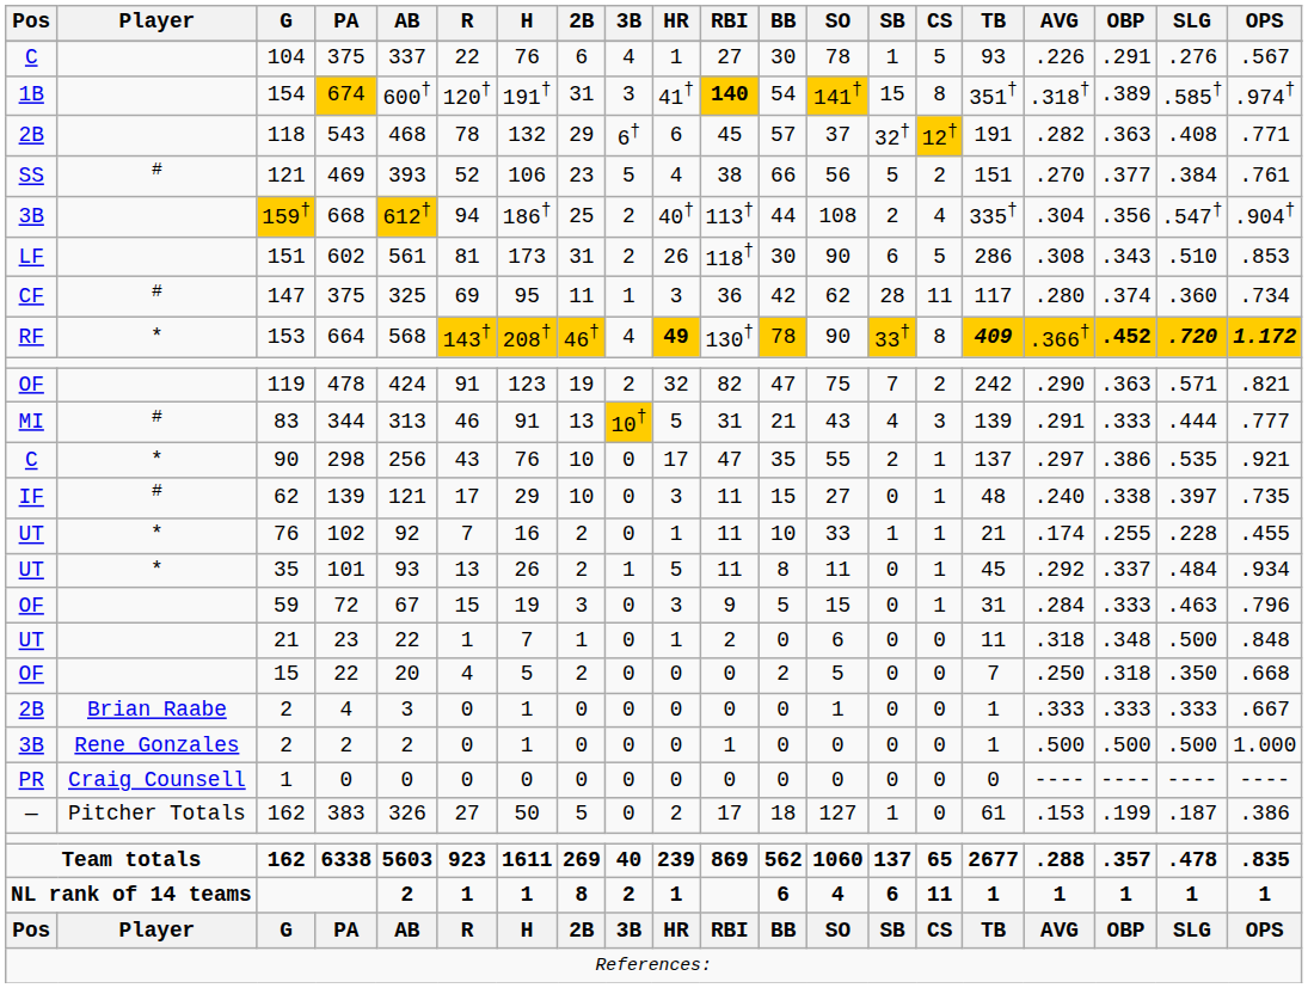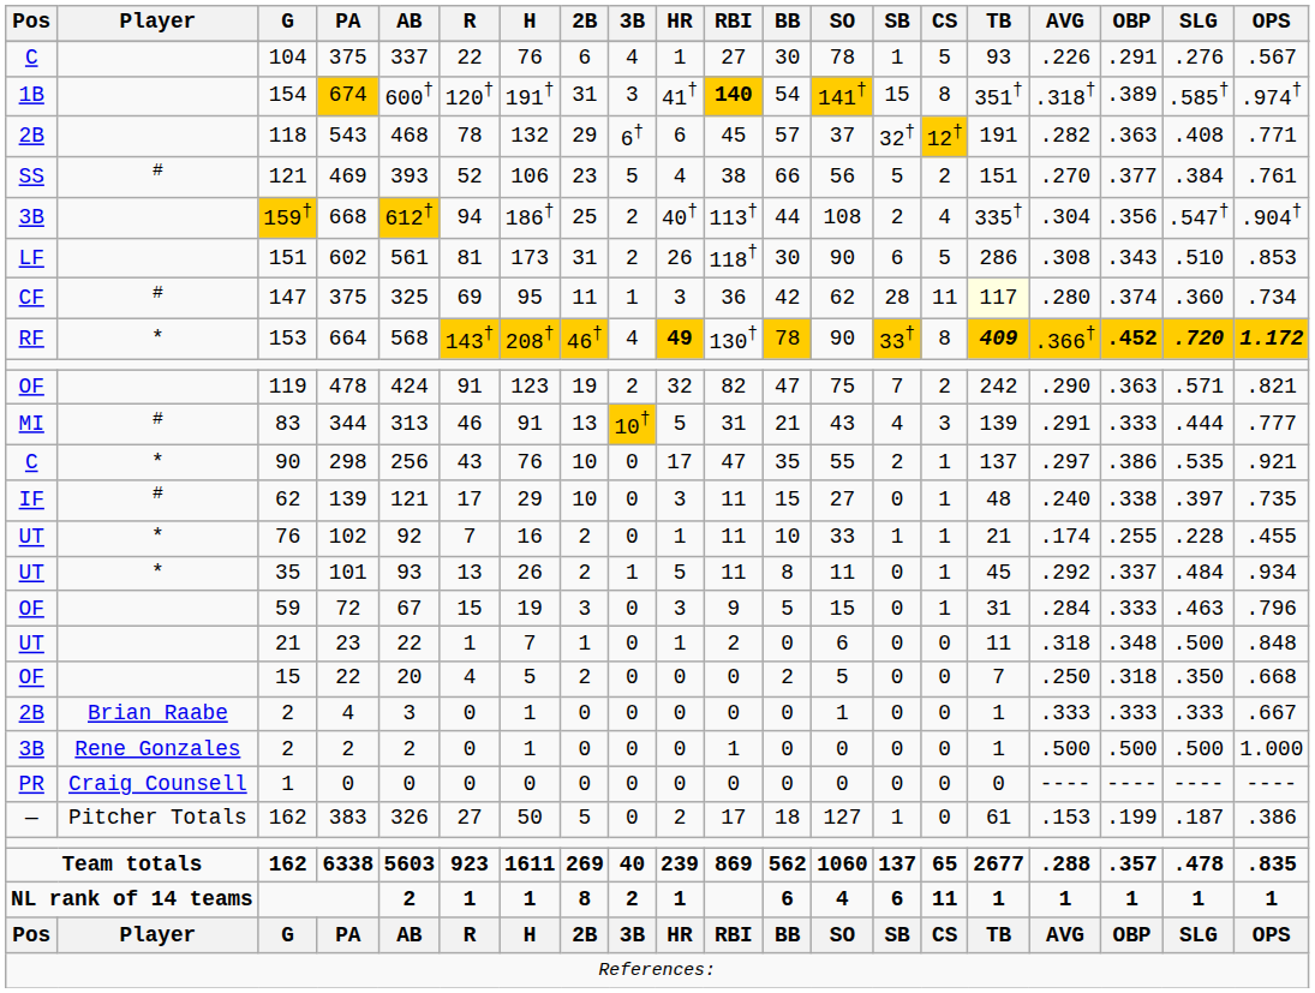 <table class="wikitable sortable" style="font-size:92%">
 <tr style="text-align:center;">
 <th>Pos</th>
 <th>Player</th>
 <th>G</th>
 <th style=>PA</th>
 <th style=>AB</th>
 <th style=>R</th>
 <th style=>H</th>
 <th style=>2B</th>
 <th style=>3B</th>
 <th style=>HR</th>
 <th style=>RBI</th>
 <th style=>BB</th>
 <th style=>SO</th>
 <th style=>SB</th>
 <th style=>CS</th>
 <th style=>TB</th>
 <th style=>AVG</th>
 <th style=>OBP</th>
 <th style=>SLG</th>
 <th style=>OPS<br></th>
 </tr>
 <tr>
 </tr>
 <tr style="text-align:center;">
 <td><a href='#'>C</a></td>
 <td></td>
 <td>104</td>
 <td>375</td>
 <td>337</td>
 <td>22</td>
 <td>76</td>
 <td>6</td>
 <td>4</td>
 <td>1</td>
 <td>27</td>
 <td>30</td>
 <td>78</td>
 <td>1</td>
 <td>5</td>
 <td>93</td>
 <td>.226</td>
 <td>.291</td>
 <td>.276</td>
 <td>.567</td>
 </tr>
 <tr style="text-align:center;">
 <td><a href='#'>1B</a></td>
 <td></td>
 <td>154</td>
 <td bgcolor="#FFCC00">674</td>
 <td>600<sup>†</sup></td>
 <td>120<sup>†</sup></td>
 <td>191<sup>†</sup></td>
 <td>31</td>
 <td>3</td>
 <td>41<sup>†</sup></td>
 <td bgcolor="#FFCC00"><strong>140</strong></td>
 <td>54</td>
 <td bgcolor="#FFCC00">141<sup>†</sup></td>
 <td>15</td>
 <td>8</td>
 <td>351<sup>†</sup></td>
 <td>.318<sup>†</sup></td>
 <td>.389</td>
 <td>.585<sup>†</sup></td>
 <td>.974<sup>†</sup></td>
 </tr>
 <tr style="text-align:center;">
 <td><a href='#'>2B</a></td>
 <td></td>
 <td>118</td>
 <td>543</td>
 <td>468</td>
 <td>78</td>
 <td>132</td>
 <td>29</td>
 <td>6<sup>†</sup></td>
 <td>6</td>
 <td>45</td>
 <td>57</td>
 <td>37</td>
 <td>32<sup>†</sup></td>
 <td bgcolor="#FFCC00">12<sup>†</sup></td>
 <td>191</td>
 <td>.282</td>
 <td>.363</td>
 <td>.408</td>
 <td>.771</td>
 </tr>
 <tr style="text-align:center;">
 <td><a href='#'>SS</a></td>
 <td> <sup>#</sup></td>
 <td>121</td>
 <td>469</td>
 <td>393</td>
 <td>52</td>
 <td>106</td>
 <td>23</td>
 <td>5</td>
 <td>4</td>
 <td>38</td>
 <td>66</td>
 <td>56</td>
 <td>5</td>
 <td>2</td>
 <td>151</td>
 <td>.270</td>
 <td>.377</td>
 <td>.384</td>
 <td>.761</td>
 </tr>
 <tr style="text-align:center;">
 <td><a href='#'>3B</a></td>
 <td></td>
 <td bgcolor="#FFCC00">159<sup>†</sup></td>
 <td>668</td>
 <td bgcolor="#FFCC00">612<sup>†</sup></td>
 <td>94</td>
 <td>186<sup>†</sup></td>
 <td>25</td>
 <td>2</td>
 <td>40<sup>†</sup></td>
 <td>113<sup>†</sup></td>
 <td>44</td>
 <td>108</td>
 <td>2</td>
 <td>4</td>
 <td>335<sup>†</sup></td>
 <td>.304</td>
 <td>.356</td>
 <td>.547<sup>†</sup></td>
 <td>.904<sup>†</sup></td>
 </tr>
 <tr style="text-align:center;">
 <td><a href='#'>LF</a></td>
 <td></td>
 <td>151</td>
 <td>602</td>
 <td>561</td>
 <td>81</td>
 <td>173</td>
 <td>31</td>
 <td>2</td>
 <td>26</td>
 <td>118<sup>†</sup></td>
 <td>30</td>
 <td>90</td>
 <td>6</td>
 <td>5</td>
 <td>286</td>
 <td>.308</td>
 <td>.343</td>
 <td>.510</td>
 <td>.853</td>
 </tr>
 <tr style="text-align:center;">
 <td><a href='#'>CF</a></td>
 <td> <sup>#</sup></td>
 <td>147</td>
 <td>375</td>
 <td>325</td>
 <td>69</td>
 <td>95</td>
 <td>11</td>
 <td>1</td>
 <td>3</td>
 <td>36</td>
 <td>42</td>
 <td>62</td>
 <td>28</td>
 <td>11</td>
-<td>117</td>
+<td style="background: lightyellow;">117</td>
 <td>.280</td>
 <td>.374</td>
 <td>.360</td>
 <td>.734</td>
 </tr>
 <tr style="text-align:center;">
 <td><a href='#'>RF</a></td>
 <td> *</td>
 <td>153</td>
 <td>664</td>
 <td>568</td>
 <td bgcolor="#FFCC00">143<sup>†</sup></td>
 <td bgcolor="#FFCC00">208<sup>†</sup></td>
 <td bgcolor="#FFCC00">46<sup>†</sup></td>
 <td>4</td>
 <td bgcolor="#FFCC00"><strong>49</strong></td>
 <td>130<sup>†</sup></td>
 <td bgcolor="#FFCC00">78</td>
 <td>90</td>
 <td bgcolor="#FFCC00">33<sup>†</sup></td>
 <td>8</td>
 <td bgcolor="#FFCC00"><strong><em>409</em></strong></td>
 <td bgcolor="#FFCC00">.366<sup>†</sup></td>
 <td bgcolor="#FFCC00"><strong>.452</strong></td>
 <td bgcolor="#FFCC00"><strong><em>.720</em></strong></td>
 <td bgcolor="#FFCC00"><strong><em>1.172</em></strong><br></td>
 </tr>
 <tr>
 <td colspan="19"></td>
 <td></td>
 </tr>
 <tr style="text-align:center;">
 <td><a href='#'>OF</a></td>
 <td></td>
 <td>119</td>
 <td>478</td>
 <td>424</td>
 <td>91</td>
 <td>123</td>
 <td>19</td>
 <td>2</td>
 <td>32</td>
 <td>82</td>
 <td>47</td>
 <td>75</td>
 <td>7</td>
 <td>2</td>
 <td>242</td>
 <td>.290</td>
 <td>.363</td>
 <td>.571</td>
 <td>.821</td>
 </tr>
 <tr style="text-align:center;">
 <td><a href='#'>MI</a></td>
 <td> <sup>#</sup></td>
 <td>83</td>
 <td>344</td>
 <td>313</td>
 <td>46</td>
 <td>91</td>
 <td>13</td>
 <td bgcolor="#FFCC00">10<sup>†</sup></td>
 <td>5</td>
 <td>31</td>
 <td>21</td>
 <td>43</td>
 <td>4</td>
 <td>3</td>
 <td>139</td>
 <td>.291</td>
 <td>.333</td>
 <td>.444</td>
 <td>.777</td>
 </tr>
 <tr style="text-align:center;">
 <td><a href='#'>C</a></td>
 <td> *</td>
 <td>90</td>
 <td>298</td>
 <td>256</td>
 <td>43</td>
 <td>76</td>
 <td>10</td>
 <td>0</td>
 <td>17</td>
 <td>47</td>
 <td>35</td>
 <td>55</td>
 <td>2</td>
 <td>1</td>
 <td>137</td>
 <td>.297</td>
 <td>.386</td>
 <td>.535</td>
 <td>.921</td>
 </tr>
 <tr style="text-align:center;">
 <td><a href='#'>IF</a></td>
 <td> <sup>#</sup></td>
 <td>62</td>
 <td>139</td>
 <td>121</td>
 <td>17</td>
 <td>29</td>
 <td>10</td>
 <td>0</td>
 <td>3</td>
 <td>11</td>
 <td>15</td>
 <td>27</td>
 <td>0</td>
 <td>1</td>
 <td>48</td>
 <td>.240</td>
 <td>.338</td>
 <td>.397</td>
 <td>.735</td>
 </tr>
 <tr style="text-align:center;">
 <td><a href='#'>UT</a></td>
 <td> *</td>
 <td>76</td>
 <td>102</td>
 <td>92</td>
 <td>7</td>
 <td>16</td>
 <td>2</td>
 <td>0</td>
 <td>1</td>
 <td>11</td>
 <td>10</td>
 <td>33</td>
 <td>1</td>
 <td>1</td>
 <td>21</td>
 <td>.174</td>
 <td>.255</td>
 <td>.228</td>
 <td>.455</td>
 </tr>
 <tr style="text-align:center;">
 <td><a href='#'>UT</a></td>
 <td> *</td>
 <td>35</td>
 <td>101</td>
 <td>93</td>
 <td>13</td>
 <td>26</td>
 <td>2</td>
 <td>1</td>
 <td>5</td>
 <td>11</td>
 <td>8</td>
 <td>11</td>
 <td>0</td>
 <td>1</td>
 <td>45</td>
 <td>.292</td>
 <td>.337</td>
 <td>.484</td>
 <td>.934</td>
 </tr>
 <tr style="text-align:center;">
 <td><a href='#'>OF</a></td>
 <td></td>
 <td>59</td>
 <td>72</td>
 <td>67</td>
 <td>15</td>
 <td>19</td>
 <td>3</td>
 <td>0</td>
 <td>3</td>
 <td>9</td>
 <td>5</td>
 <td>15</td>
 <td>0</td>
 <td>1</td>
 <td>31</td>
 <td>.284</td>
 <td>.333</td>
 <td>.463</td>
 <td>.796</td>
 </tr>
 <tr style="text-align:center;">
 <td><a href='#'>UT</a></td>
 <td></td>
 <td>21</td>
 <td>23</td>
 <td>22</td>
 <td>1</td>
 <td>7</td>
 <td>1</td>
 <td>0</td>
 <td>1</td>
 <td>2</td>
 <td>0</td>
 <td>6</td>
 <td>0</td>
 <td>0</td>
 <td>11</td>
 <td>.318</td>
 <td>.348</td>
 <td>.500</td>
 <td>.848</td>
 </tr>
 <tr style="text-align:center;">
 <td><a href='#'>OF</a></td>
 <td></td>
 <td>15</td>
 <td>22</td>
 <td>20</td>
 <td>4</td>
 <td>5</td>
 <td>2</td>
 <td>0</td>
 <td>0</td>
 <td>0</td>
 <td>2</td>
 <td>5</td>
 <td>0</td>
 <td>0</td>
 <td>7</td>
 <td>.250</td>
 <td>.318</td>
 <td>.350</td>
 <td>.668</td>
 </tr>
 <tr style="text-align:center;">
 <td><a href='#'>2B</a></td>
 <td><a href='#'>Brian Raabe</a></td>
 <td>2</td>
 <td>4</td>
 <td>3</td>
 <td>0</td>
 <td>1</td>
 <td>0</td>
 <td>0</td>
 <td>0</td>
 <td>0</td>
 <td>0</td>
 <td>1</td>
 <td>0</td>
 <td>0</td>
 <td>1</td>
 <td>.333</td>
 <td>.333</td>
 <td>.333</td>
 <td>.667</td>
 </tr>
 <tr style="text-align:center;">
 <td><a href='#'>3B</a></td>
 <td><a href='#'>Rene Gonzales</a></td>
 <td>2</td>
 <td>2</td>
 <td>2</td>
 <td>0</td>
 <td>1</td>
 <td>0</td>
 <td>0</td>
 <td>0</td>
 <td>1</td>
 <td>0</td>
 <td>0</td>
 <td>0</td>
 <td>0</td>
 <td>1</td>
 <td>.500</td>
 <td>.500</td>
 <td>.500</td>
 <td>1.000</td>
 </tr>
 <tr style="text-align:center;">
 <td><a href='#'>PR</a></td>
 <td><a href='#'>Craig Counsell</a></td>
 <td>1</td>
 <td>0</td>
 <td>0</td>
 <td>0</td>
 <td>0</td>
 <td>0</td>
 <td>0</td>
 <td>0</td>
 <td>0</td>
 <td>0</td>
 <td>0</td>
 <td>0</td>
 <td>0</td>
 <td>0</td>
 <td>----</td>
 <td>----</td>
 <td>----</td>
 <td>----</td>
 </tr>
 <tr style="text-align:center;">
 <td>—</td>
 <td>Pitcher Totals</td>
 <td>162</td>
 <td>383</td>
 <td>326</td>
 <td>27</td>
 <td>50</td>
 <td>5</td>
 <td>0</td>
 <td>2</td>
 <td>17</td>
 <td>18</td>
 <td>127</td>
 <td>1</td>
 <td>0</td>
 <td>61</td>
 <td>.153</td>
 <td>.199</td>
 <td>.187</td>
 <td>.386</td>
 </tr>
 <tr>
 <td colspan="19"></td>
 </tr>
 <tr style="text-align:center;">
 <td colspan="2" style="text-align: center;"><strong>Team totals</strong></td>
 <td><strong>162</strong></td>
 <td><strong>6338</strong></td>
 <td><strong>5603</strong></td>
 <td><strong>923</strong></td>
 <td><strong>1611</strong></td>
 <td><strong>269</strong></td>
 <td><strong>40</strong></td>
 <td><strong>239</strong></td>
 <td><strong>869</strong></td>
 <td><strong>562</strong></td>
 <td><strong>1060</strong></td>
 <td><strong>137</strong></td>
 <td><strong>65</strong></td>
 <td><strong>2677</strong></td>
 <td><strong>.288</strong></td>
 <td><strong>.357</strong></td>
 <td><strong>.478</strong></td>
 <td><strong>.835</strong></td>
 </tr>
 <tr style="text-align:center;">
 <td colspan="2" style="text-align: center;"><strong>NL rank of 14 teams</strong></td>
 <td colspan="2"></td>
 <td><strong>2</strong></td>
 <td><strong>1</strong></td>
 <td><strong>1</strong></td>
 <td><strong>8</strong></td>
 <td><strong>2</strong></td>
 <td><strong>1</strong></td>
 <td></td>
 <td><strong>6</strong></td>
 <td><strong>4</strong></td>
 <td><strong>6</strong></td>
 <td><strong>11</strong></td>
 <td><strong>1</strong></td>
 <td><strong>1</strong></td>
 <td><strong>1</strong></td>
 <td><strong>1</strong></td>
 <td><strong>1</strong></td>
 </tr>
 <tr style="text-align:center;">
 <th>Pos</th>
 <th>Player</th>
 <th>G</th>
 <th style=>PA</th>
 <th style=>AB</th>
 <th style=>R</th>
 <th style=>H</th>
 <th style=>2B</th>
 <th style=>3B</th>
 <th style=>HR</th>
 <th style=>RBI</th>
 <th style=>BB</th>
 <th style=>SO</th>
 <th style=>SB</th>
 <th style=>CS</th>
 <th style=>TB</th>
 <th style=>AVG</th>
 <th style=>OBP</th>
 <th style=>SLG</th>
 <th style=>OPS</th>
 </tr>
 <tr>
 <td colspan=20; align="center"><small><em>References:</em></small></td>
 </tr>
 </table>
